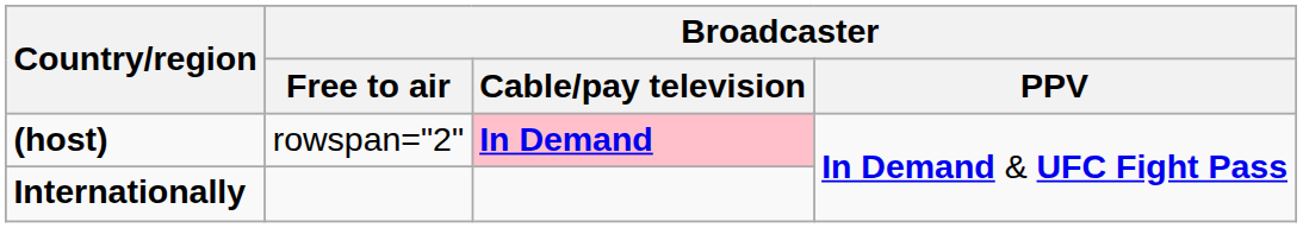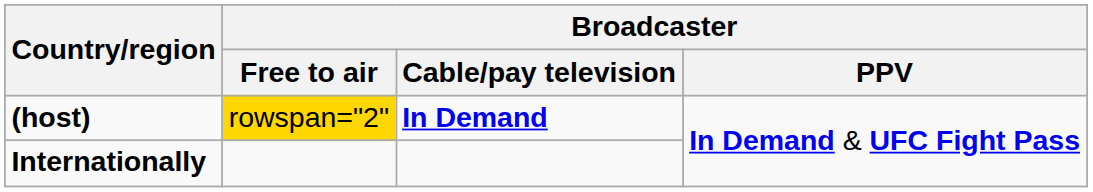 <table class="wikitable">
 <tr>
 <th rowspan="2">Country/region</th>
 <th colspan="4">Broadcaster</th>
 </tr>
 <tr>
 <th>Free to air</th>
 <th>Cable/pay television</th>
 <th>PPV</th>
 </tr>
 <tr>
 <td><strong> (host)</strong></td>
-<td>rowspan="2" </td>
-<td style="background: pink;"><strong><a href='#'>In Demand</a></strong></td>
+<td style="background: gold;">rowspan="2" </td>
+<td><strong><a href='#'>In Demand</a></strong></td>
 <td rowspan="2"><strong><a href='#'>In Demand</a></strong> & <strong><a href='#'>UFC Fight Pass</a></strong></td>
 </tr>
 <tr>
 <td><strong>Internationally</strong></td>
 <td></td>
 </tr>
 </table>
